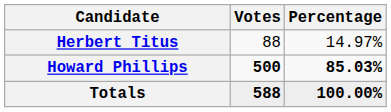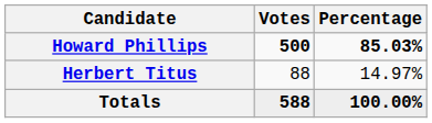 <table class="wikitable plainrowheaders" style="text-align:right;" border="1">
 <tr>
 <th scope="col" style="width:14em;">Candidate</th>
 <th scope="col">Votes</th>
 <th scope="col">Percentage</th>
 </tr>
 <tr>
+<th scope="row"><a href='#'>Howard Phillips</a></th>
+<td><strong>500</strong></td>
+<td><strong>85.03%</strong></td>
+</tr>
+<tr>
 <th scope="row"><a href='#'>Herbert Titus</a></th>
 <td>88</td>
 <td>14.97%</td>
-</tr>
-<tr>
-<th scope="row"><a href='#'>Howard Phillips</a></th>
-<td><strong>500</strong></td>
-<td><strong>85.03%</strong></td>
 </tr>
 <tr style="background:#eee;">
 <th scope="row"><strong>Totals</strong></th>
 <td><strong>588</strong></td>
 <td><strong>100.00%</strong></td>
 </tr>
 </table>
